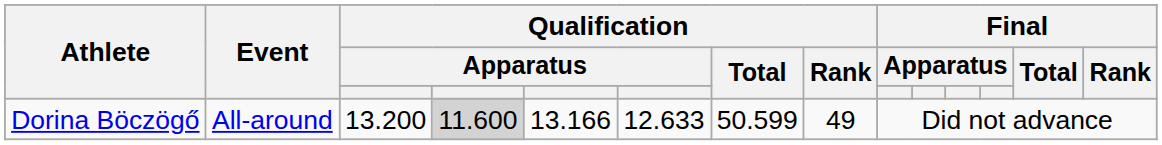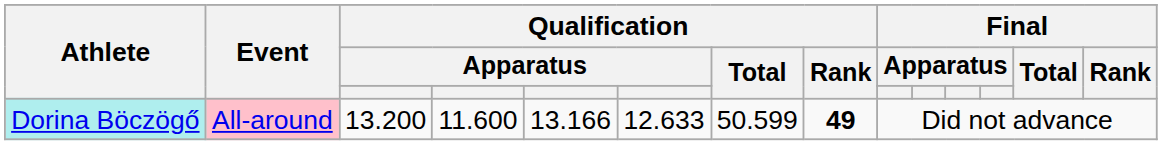 <table class=wikitable style="font-size:90%;">
 <tr>
 <th rowspan=3>Athlete</th>
 <th rowspan=3>Event</th>
 <th colspan=6>Qualification</th>
 <th colspan=6>Final</th>
 </tr>
 <tr style="font-size:95%">
 <th colspan=4>Apparatus</th>
 <th rowspan=2>Total</th>
 <th rowspan=2>Rank</th>
 <th colspan=4>Apparatus</th>
 <th rowspan=2>Total</th>
 <th rowspan=2>Rank</th>
 </tr>
 <tr style="font-size:95%">
 <th></th>
 <th></th>
 <th></th>
 <th></th>
 <th></th>
 <th></th>
 <th></th>
 <th></th>
 </tr>
 <tr align=center>
-<td align=left><a href='#'>Dorina Böczögő</a></td>
-<td align=left><a href='#'>All-around</a></td>
+<td align=left style="background: paleturquoise;"><a href='#'>Dorina Böczögő</a></td>
+<td align=left style="background: pink;"><a href='#'>All-around</a></td>
 <td>13.200</td>
-<td style="background: lightgrey;">11.600</td>
+<td>11.600</td>
 <td>13.166</td>
 <td>12.633</td>
 <td>50.599</td>
-<td>49</td>
+<td><strong>49</strong></td>
 <td colspan=6>Did not advance</td>
 </tr>
 </table>
